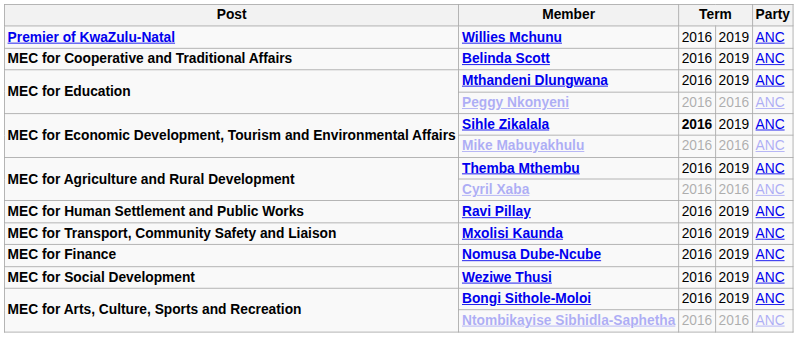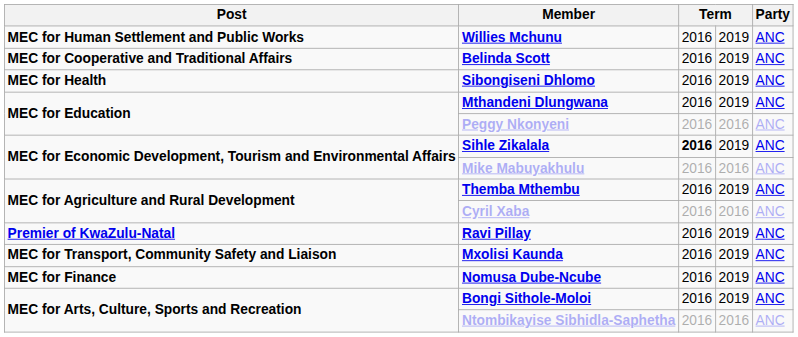 <table class="wikitable">
 <tr>
 <th>Post</th>
 <th>Member</th>
 <th colspan="2">Term</th>
 <th>Party</th>
 </tr>
 <tr>
-<td><strong><a href='#'>Premier of KwaZulu-Natal</a></strong></td>
+<td><strong>MEC for Human Settlement and Public Works</strong></td>
 <td><strong><a href='#'>Willies Mchunu</a></strong></td>
 <td>2016</td>
 <td>2019</td>
 <td><a href='#'>ANC</a></td>
 </tr>
 <tr>
 <td><strong>MEC for Cooperative and Traditional Affairs</strong></td>
 <td><strong><a href='#'>Belinda Scott</a></strong></td>
+<td>2016</td>
+<td>2019</td>
+<td><a href='#'>ANC</a></td>
+</tr>
+<tr>
+<td><strong>MEC for Health</strong></td>
+<td><strong><a href='#'>Sibongiseni Dhlomo</a></strong></td>
 <td>2016</td>
 <td>2019</td>
 <td><a href='#'>ANC</a></td>
 </tr>
 <tr>
 <td rowspan="2"><strong>MEC for Education</strong></td>
 <td><strong><a href='#'>Mthandeni Dlungwana</a></strong></td>
 <td>2016</td>
 <td>2019</td>
 <td><a href='#'>ANC</a></td>
 </tr>
 <tr style="opacity:.3;">
 <td><strong><a href='#'>Peggy Nkonyeni</a></strong></td>
 <td>2016</td>
 <td>2016</td>
 <td><a href='#'>ANC</a></td>
 </tr>
 <tr>
 <td rowspan="2"><strong>MEC for Economic Development, Tourism and Environmental Affairs</strong></td>
 <td><strong><a href='#'>Sihle Zikalala</a></strong></td>
 <td><strong>2016</strong></td>
 <td>2019</td>
 <td><a href='#'>ANC</a></td>
 </tr>
 <tr style="opacity:.3;">
 <td><strong><a href='#'>Mike Mabuyakhulu</a></strong></td>
 <td>2016</td>
 <td>2016</td>
 <td><a href='#'>ANC</a></td>
 </tr>
 <tr>
 <td rowspan="2"><strong>MEC for Agriculture and Rural Development</strong></td>
 <td><strong><a href='#'>Themba Mthembu</a></strong></td>
 <td>2016</td>
 <td>2019</td>
 <td><a href='#'>ANC</a></td>
 </tr>
 <tr style="opacity:.3;">
 <td><strong><a href='#'>Cyril Xaba</a></strong></td>
 <td>2016</td>
 <td>2016</td>
 <td><a href='#'>ANC</a></td>
 </tr>
 <tr>
-<td><strong>MEC for Human Settlement and Public Works</strong></td>
+<td><strong><a href='#'>Premier of KwaZulu-Natal</a></strong></td>
 <td><strong><a href='#'>Ravi Pillay</a></strong></td>
 <td>2016</td>
 <td>2019</td>
 <td><a href='#'>ANC</a></td>
 </tr>
 <tr>
 <td><strong>MEC for Transport, Community Safety and Liaison</strong></td>
 <td><strong><a href='#'>Mxolisi Kaunda</a></strong></td>
 <td>2016</td>
 <td>2019</td>
 <td><a href='#'>ANC</a></td>
 </tr>
 <tr>
 <td><strong>MEC for Finance</strong></td>
 <td><strong><a href='#'>Nomusa Dube-Ncube</a></strong></td>
 <td>2016</td>
 <td>2019</td>
 <td><a href='#'>ANC</a></td>
 </tr>
 <tr>
-<td><strong>MEC for Social Development</strong></td>
-<td><strong><a href='#'>Weziwe Thusi</a></strong></td>
-<td>2016</td>
-<td>2019</td>
-<td><a href='#'>ANC</a></td>
-</tr>
-<tr>
 <td rowspan="2"><strong>MEC for Arts, Culture, Sports and Recreation</strong></td>
 <td><strong><a href='#'>Bongi Sithole-Moloi</a></strong></td>
 <td>2016</td>
 <td>2019</td>
 <td><a href='#'>ANC</a></td>
 </tr>
 <tr style="opacity:.3;">
 <td><strong><a href='#'>Ntombikayise Sibhidla-Saphetha</a></strong></td>
 <td>2016</td>
 <td>2016</td>
 <td><a href='#'>ANC</a></td>
 </tr>
 </table>
